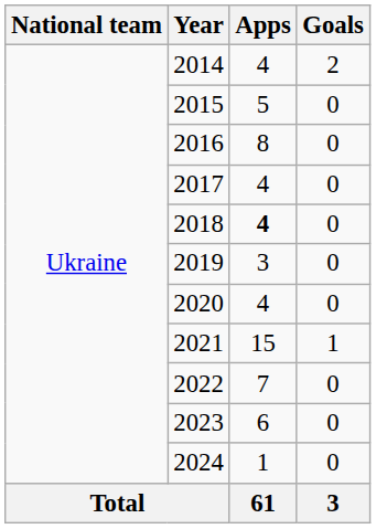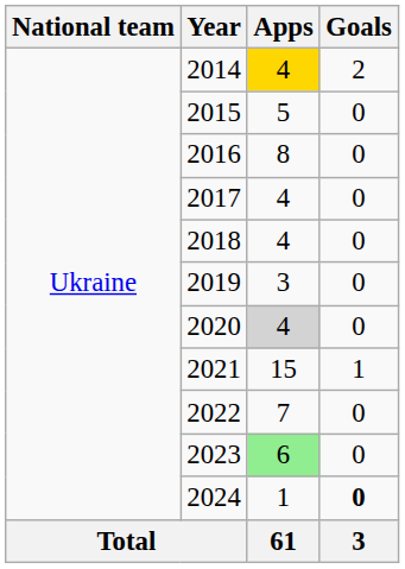 <table class="wikitable" style="text-align:center">
 <tr>
 <th>National team</th>
 <th>Year</th>
 <th>Apps</th>
 <th>Goals</th>
 </tr>
 <tr>
 <td rowspan="11"><a href='#'>Ukraine</a></td>
 <td>2014</td>
-<td>4</td>
+<td style="background: gold;">4</td>
 <td>2</td>
 </tr>
 <tr>
 <td>2015</td>
 <td>5</td>
 <td>0</td>
 </tr>
 <tr>
 <td>2016</td>
 <td>8</td>
 <td>0</td>
 </tr>
 <tr>
 <td>2017</td>
 <td>4</td>
 <td>0</td>
 </tr>
 <tr>
 <td>2018</td>
-<td><strong>4</strong></td>
+<td>4</td>
 <td>0</td>
 </tr>
 <tr>
 <td>2019</td>
 <td>3</td>
 <td>0</td>
 </tr>
 <tr>
 <td>2020</td>
-<td>4</td>
+<td style="background: lightgrey;">4</td>
 <td>0</td>
 </tr>
 <tr>
 <td>2021</td>
 <td>15</td>
 <td>1</td>
 </tr>
 <tr>
 <td>2022</td>
 <td>7</td>
 <td>0</td>
 </tr>
 <tr>
 <td>2023</td>
-<td>6</td>
+<td style="background: lightgreen;">6</td>
 <td>0</td>
 </tr>
 <tr>
 <td>2024</td>
 <td>1</td>
-<td>0</td>
+<td><strong>0</strong></td>
 </tr>
 <tr>
 <th colspan="2">Total</th>
 <th>61</th>
 <th>3</th>
 </tr>
 </table>
